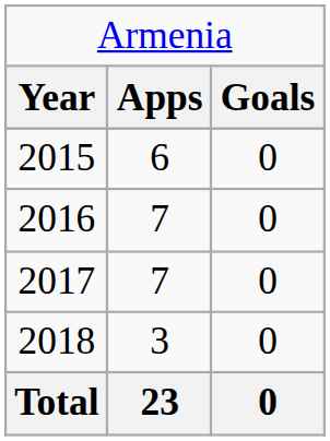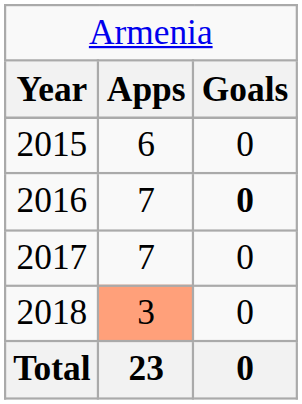 <table class="wikitable" style="text-align:center">
 <tr>
 <td colspan="3"><a href='#'>Armenia</a></td>
 </tr>
 <tr>
 <th>Year</th>
 <th>Apps</th>
 <th>Goals</th>
 </tr>
 <tr>
 </tr>
 <tr>
 <td>2015</td>
 <td>6</td>
 <td>0</td>
 </tr>
 <tr>
 <td>2016</td>
 <td>7</td>
-<td>0</td>
+<td><strong>0</strong></td>
 </tr>
 <tr>
 <td>2017</td>
 <td>7</td>
 <td>0</td>
 </tr>
 <tr>
 <td>2018</td>
-<td>3</td>
+<td style="background: lightsalmon;">3</td>
 <td>0</td>
 </tr>
 <tr>
 <th>Total</th>
 <th>23</th>
 <th>0</th>
 </tr>
 </table>
